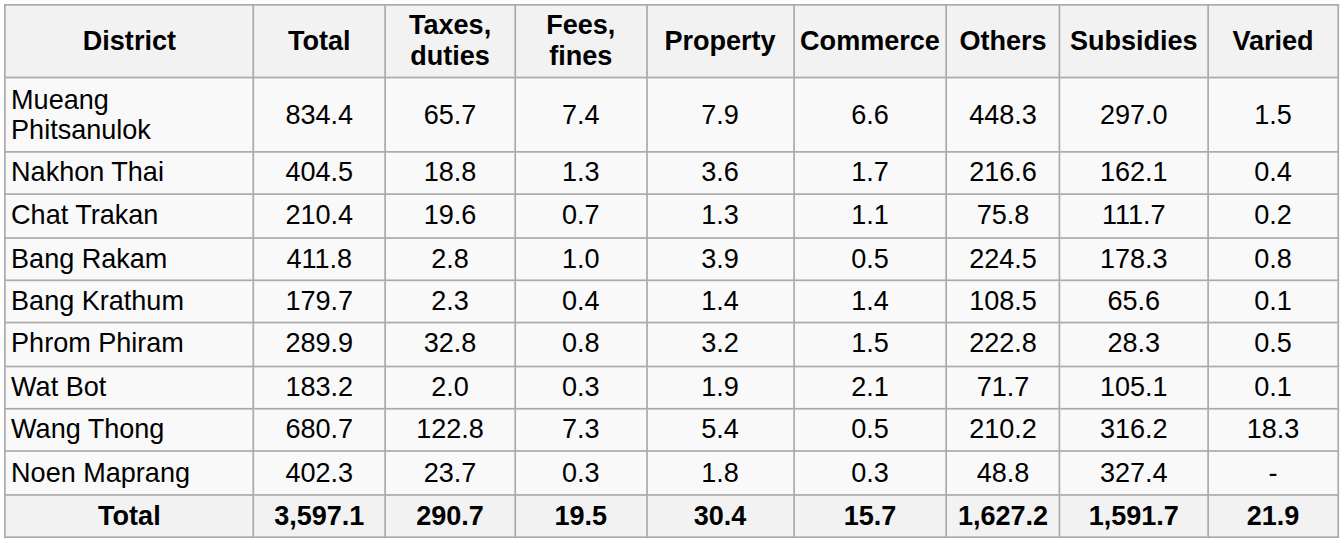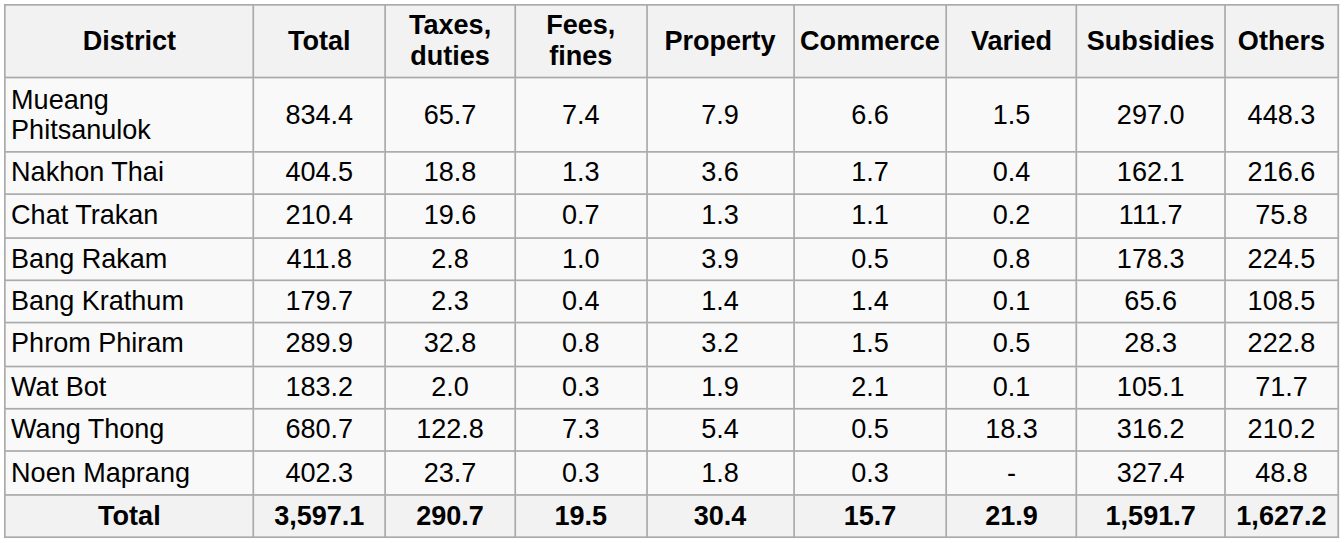 <table class="wikitable sortable">
 <tr>
 <th style="width:140px;">District</th>
 <th style="width:70px;">Total</th>
 <th style="width:70px;">Taxes, duties</th>
 <th style="width:70px;">Fees, fines</th>
 <th style="width:80px;">Property</th>
 <th style="widht:80px;">Commerce</th>
+<th style="width:70px;">Varied</th>
+<th style="width:80px;">Subsidies</th>
 <th style="width:60px;">Others</th>
-<th style="width:80px;">Subsidies</th>
-<th style="width:70px;">Varied</th>
 </tr>
 <tr>
 <td>Mueang Phitsanulok</td>
 <td style="text-align:center;">834.4</td>
 <td style="text-align:center;">65.7</td>
 <td style="text-align:center;">7.4</td>
 <td style="text-align:center;">7.9</td>
 <td style="text-align:center;">6.6</td>
+<td style="text-align:center;">1.5</td>
+<td style="text-align:center;">297.0</td>
 <td style="text-align:center;">448.3</td>
-<td style="text-align:center;">297.0</td>
-<td style="text-align:center;">1.5</td>
 </tr>
 <tr>
 <td>Nakhon Thai</td>
 <td style="text-align:center;">404.5</td>
 <td style="text-align:center;">18.8</td>
 <td style="text-align:center;">1.3</td>
 <td style="text-align:center;">3.6</td>
 <td style="text-align:center;">1.7</td>
+<td style="text-align:center;">0.4</td>
+<td style="text-align:center;">162.1</td>
 <td style="text-align:center;">216.6</td>
-<td style="text-align:center;">162.1</td>
-<td style="text-align:center;">0.4</td>
 </tr>
 <tr>
 <td>Chat Trakan</td>
 <td style="text-align:center;">210.4</td>
 <td style="text-align:center;">19.6</td>
 <td style="text-align:center;">0.7</td>
 <td style="text-align:center;">1.3</td>
 <td style="text-align:center;">1.1</td>
+<td style="text-align:center;">0.2</td>
+<td style="text-align:center;">111.7</td>
 <td style="text-align:center;">75.8</td>
-<td style="text-align:center;">111.7</td>
-<td style="text-align:center;">0.2</td>
 </tr>
 <tr>
 <td>Bang Rakam</td>
 <td style="text-align:center;">411.8</td>
 <td style="text-align:center;">2.8</td>
 <td style="text-align:center;">1.0</td>
 <td style="text-align:center;">3.9</td>
 <td style="text-align:center;">0.5</td>
+<td style="text-align:center;">0.8</td>
+<td style="text-align:center;">178.3</td>
 <td style="text-align:center;">224.5</td>
-<td style="text-align:center;">178.3</td>
-<td style="text-align:center;">0.8</td>
 </tr>
 <tr>
 <td>Bang Krathum</td>
 <td style="text-align:center;">179.7</td>
 <td style="text-align:center;">2.3</td>
 <td style="text-align:center;">0.4</td>
 <td style="text-align:center;">1.4</td>
 <td style="text-align:center;">1.4</td>
+<td style="text-align:center;">0.1</td>
+<td style="text-align:center;">65.6</td>
 <td style="text-align:center;">108.5</td>
-<td style="text-align:center;">65.6</td>
-<td style="text-align:center;">0.1</td>
 </tr>
 <tr>
 <td>Phrom Phiram</td>
 <td style="text-align:center;">289.9</td>
 <td style="text-align:center;">32.8</td>
 <td style="text-align:center;">0.8</td>
 <td style="text-align:center;">3.2</td>
 <td style="text-align:center;">1.5</td>
+<td style="text-align:center;">0.5</td>
+<td style="text-align:center;">28.3</td>
 <td style="text-align:center;">222.8</td>
-<td style="text-align:center;">28.3</td>
-<td style="text-align:center;">0.5</td>
 </tr>
 <tr>
 <td>Wat Bot</td>
 <td style="text-align:center;">183.2</td>
 <td style="text-align:center;">2.0</td>
 <td style="text-align:center;">0.3</td>
 <td style="text-align:center;">1.9</td>
 <td style="text-align:center;">2.1</td>
+<td style="text-align:center;">0.1</td>
+<td style="text-align:center;">105.1</td>
 <td style="text-align:center;">71.7</td>
-<td style="text-align:center;">105.1</td>
-<td style="text-align:center;">0.1</td>
 </tr>
 <tr>
 <td>Wang Thong</td>
 <td style="text-align:center;">680.7</td>
 <td style="text-align:center;">122.8</td>
 <td style="text-align:center;">7.3</td>
 <td style="text-align:center;">5.4</td>
 <td style="text-align:center;">0.5</td>
+<td style="text-align:center;">18.3</td>
+<td style="text-align:center;">316.2</td>
 <td style="text-align:center;">210.2</td>
-<td style="text-align:center;">316.2</td>
-<td style="text-align:center;">18.3</td>
 </tr>
 <tr>
 <td>Noen Maprang</td>
 <td style="text-align:center;">402.3</td>
 <td style="text-align:center;">23.7</td>
 <td style="text-align:center;">0.3</td>
 <td style="text-align:center;">1.8</td>
 <td style="text-align:center;">0.3</td>
+<td style="text-align:center;">-</td>
+<td style="text-align:center;">327.4</td>
 <td style="text-align:center;">48.8</td>
-<td style="text-align:center;">327.4</td>
-<td style="text-align:center;">-</td>
 </tr>
 <tr>
 <th>Total</th>
 <th>3,597.1</th>
 <th>290.7</th>
 <th>19.5</th>
 <th>30.4</th>
 <th>15.7</th>
+<th>21.9</th>
+<th>1,591.7</th>
 <th>1,627.2</th>
-<th>1,591.7</th>
-<th>21.9</th>
 </tr>
 </table>
